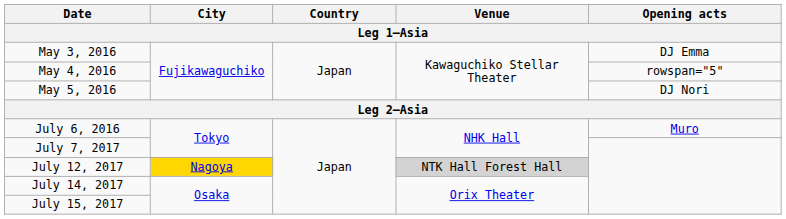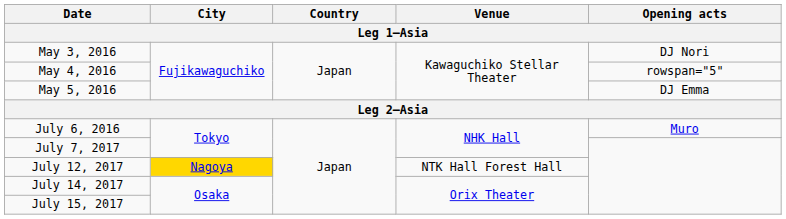 <table class="wikitable plainrowheaders" style="text-align:center;">
 <tr>
 <th scope="col" style="width:12em;">Date</th>
 <th scope="col" style="width:10em;">City</th>
 <th scope="col" style="width:10em;">Country</th>
 <th scope="col" style="width:16em;">Venue</th>
 <th scope="col" style="width:16em;">Opening acts</th>
 </tr>
 <tr>
 <th colspan="5">Leg 1—Asia</th>
 </tr>
 <tr>
 <td>May 3, 2016</td>
 <td rowspan="3"><a href='#'>Fujikawaguchiko</a></td>
 <td rowspan="3">Japan</td>
 <td rowspan="3">Kawaguchiko Stellar Theater</td>
-<td>DJ Emma</td>
+<td>DJ Nori</td>
 </tr>
 <tr>
 <td>May 4, 2016</td>
 <td>rowspan="5" </td>
 </tr>
 <tr>
 <td>May 5, 2016</td>
-<td>DJ Nori</td>
+<td>DJ Emma</td>
 </tr>
 <tr>
 <th colspan="5">Leg 2—Asia</th>
 </tr>
 <tr>
 <td>July 6, 2016</td>
 <td rowspan="2"><a href='#'>Tokyo</a></td>
 <td rowspan="5">Japan</td>
 <td rowspan="2"><a href='#'>NHK Hall</a></td>
 <td><a href='#'>Muro</a></td>
 </tr>
 <tr>
 <td>July 7, 2017</td>
 </tr>
 <tr>
 <td>July 12, 2017</td>
 <td style="background: gold;"><a href='#'>Nagoya</a></td>
-<td style="background: lightgrey;">NTK Hall Forest Hall</td>
+<td>NTK Hall Forest Hall</td>
 </tr>
 <tr>
 <td>July 14, 2017</td>
 <td rowspan="2"><a href='#'>Osaka</a></td>
 <td rowspan="2"><a href='#'>Orix Theater</a></td>
 </tr>
 <tr>
 <td>July 15, 2017</td>
 </tr>
 </table>
